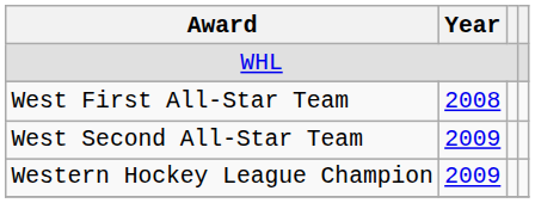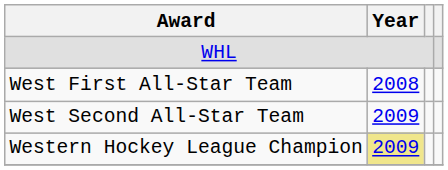 <table class="wikitable">
 <tr>
 <th>Award</th>
 <th>Year</th>
 <th></th>
 <th></th>
 </tr>
 <tr ALIGN="center" bgcolor="#e0e0e0">
 <td colspan="3"><a href='#'>WHL</a></td>
 <td></td>
 </tr>
 <tr>
 <td>West First All-Star Team</td>
 <td><a href='#'>2008</a></td>
 <td></td>
 <td></td>
 </tr>
 <tr>
 <td>West Second All-Star Team</td>
 <td><a href='#'>2009</a></td>
 <td></td>
 <td></td>
 </tr>
 <tr>
 <td>Western Hockey League Champion</td>
-<td><a href='#'>2009</a></td>
+<td style="background: khaki;"><a href='#'>2009</a></td>
 <td></td>
 <td></td>
 </tr>
 <tr>
 </tr>
 </table>
